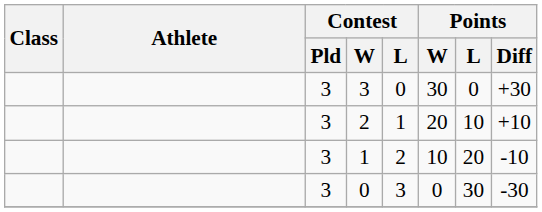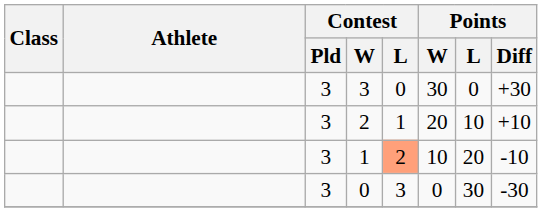 <table class=wikitable style="text-align:center">
 <tr>
 <th rowspan=2>Class</th>
 <th width=175 rowspan=2>Athlete</th>
 <th colspan=3>Contest</th>
 <th colspan=3>Points</th>
 </tr>
 <tr>
 <th width=20>Pld</th>
 <th width=20>W</th>
 <th width=20>L</th>
 <th width=20>W</th>
 <th width=20>L</th>
 <th width=20>Diff</th>
 </tr>
 <tr>
 <td></td>
 <td style="text-align:left"></td>
 <td>3</td>
 <td>3</td>
 <td>0</td>
 <td>30</td>
 <td>0</td>
 <td>+30</td>
 </tr>
 <tr>
 <td></td>
 <td style="text-align:left"></td>
 <td>3</td>
 <td>2</td>
 <td>1</td>
 <td>20</td>
 <td>10</td>
 <td>+10</td>
 </tr>
 <tr>
 <td></td>
 <td style="text-align:left"></td>
 <td>3</td>
 <td>1</td>
-<td>2</td>
+<td style="background: lightsalmon;">2</td>
 <td>10</td>
 <td>20</td>
 <td>-10</td>
 </tr>
 <tr>
 <td></td>
 <td style="text-align:left"></td>
 <td>3</td>
 <td>0</td>
 <td>3</td>
 <td>0</td>
 <td>30</td>
 <td>-30</td>
 </tr>
 <tr>
 </tr>
 </table>
